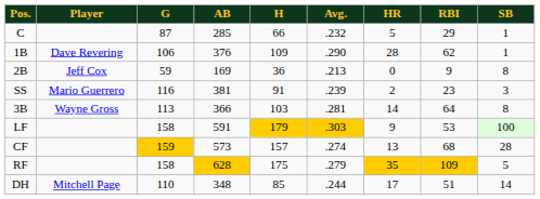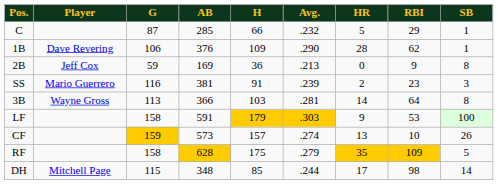 <table class="wikitable sortable">
 <tr>
 <th style="background:#0C371D;color:#ffc322;" width="5%">Pos.</th>
 <th style="background:#0C371D;color:#ffc322;" width="16%">Player</th>
 <th style="background:#0C371D;color:#ffc322;" width="9%">G</th>
 <th style="background:#0C371D;color:#ffc322;" width="9%">AB</th>
 <th style="background:#0C371D;color:#ffc322;" width="9%">H</th>
 <th style="background:#0C371D;color:#ffc322;" width="9%">Avg.</th>
 <th style="background:#0C371D;color:#ffc322;" width="9%">HR</th>
 <th style="background:#0C371D;color:#ffc322;" width="9%">RBI</th>
 <th style="background:#0C371D;color:#ffc322;" width="9%">SB</th>
 </tr>
 <tr align="center">
 <td>C</td>
 <td></td>
 <td>87</td>
 <td>285</td>
 <td>66</td>
 <td>.232</td>
 <td>5</td>
 <td>29</td>
 <td>1</td>
 </tr>
 <tr align="center">
 <td>1B</td>
 <td><a href='#'>Dave Revering</a></td>
 <td>106</td>
 <td>376</td>
 <td>109</td>
 <td>.290</td>
 <td>28</td>
 <td>62</td>
 <td>1</td>
 </tr>
 <tr align="center">
 <td>2B</td>
 <td><a href='#'>Jeff Cox</a></td>
 <td>59</td>
 <td>169</td>
 <td>36</td>
 <td>.213</td>
 <td>0</td>
 <td>9</td>
 <td>8</td>
 </tr>
 <tr align="center">
 <td>SS</td>
 <td><a href='#'>Mario Guerrero</a></td>
 <td>116</td>
 <td>381</td>
 <td>91</td>
 <td>.239</td>
 <td>2</td>
 <td>23</td>
 <td>3</td>
 </tr>
 <tr align="center">
 <td>3B</td>
 <td><a href='#'>Wayne Gross</a></td>
 <td>113</td>
 <td>366</td>
 <td>103</td>
 <td>.281</td>
 <td>14</td>
 <td>64</td>
 <td>8</td>
 </tr>
 <tr align="center">
 <td>LF</td>
 <td></td>
 <td>158</td>
 <td>591</td>
 <td style="background:#fc0;">179</td>
 <td style="background:#fc0;">.303</td>
 <td>9</td>
 <td>53</td>
 <td style="background:#DDFFDD;">100</td>
 </tr>
 <tr align="center">
 <td>CF</td>
 <td></td>
 <td style="background:#fc0;">159</td>
 <td>573</td>
 <td>157</td>
 <td>.274</td>
 <td>13</td>
-<td>68</td>
-<td>28</td>
+<td>10</td>
+<td>26</td>
 </tr>
 <tr align="center">
 <td>RF</td>
 <td></td>
 <td>158</td>
 <td style="background:#fc0;">628</td>
 <td>175</td>
 <td>.279</td>
 <td style="background:#fc0;">35</td>
 <td style="background:#fc0;">109</td>
 <td>5</td>
 </tr>
 <tr align="center">
 <td>DH</td>
 <td><a href='#'>Mitchell Page</a></td>
-<td>110</td>
+<td>115</td>
 <td>348</td>
 <td>85</td>
 <td>.244</td>
 <td>17</td>
-<td>51</td>
+<td>98</td>
 <td>14</td>
 </tr>
 </table>
